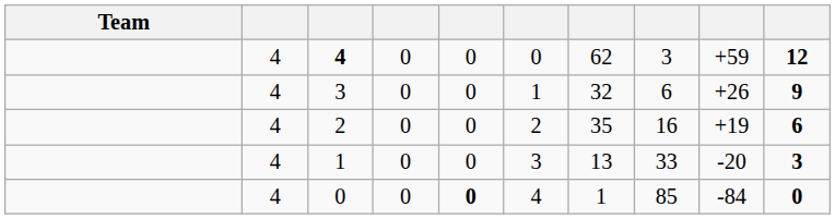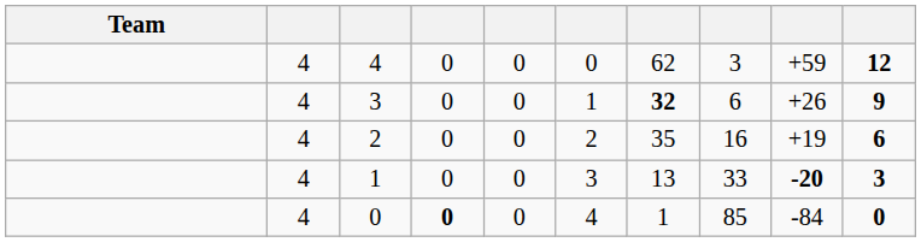 <table class="wikitable" style="text-align:center;">
 <tr>
 <th width=165>Team</th>
 <th width=40></th>
 <th width=40></th>
 <th width=40></th>
 <th width=40></th>
 <th width=40></th>
 <th width=40></th>
 <th width=40></th>
 <th width=40></th>
 <th width=40></th>
 </tr>
 <tr style="background:">
 <td style="text-align:left;"></td>
 <td>4</td>
-<td><strong>4</strong></td>
+<td>4</td>
 <td>0</td>
 <td>0</td>
 <td>0</td>
 <td>62</td>
 <td>3</td>
 <td>+59</td>
 <td><strong>12</strong></td>
 </tr>
 <tr style="background:">
 <td style="text-align:left;"></td>
 <td>4</td>
 <td>3</td>
 <td>0</td>
 <td>0</td>
 <td>1</td>
-<td>32</td>
+<td><strong>32</strong></td>
 <td>6</td>
 <td>+26</td>
 <td><strong>9</strong></td>
 </tr>
 <tr style="background:">
 <td style="text-align:left;"></td>
 <td>4</td>
 <td>2</td>
 <td>0</td>
 <td>0</td>
 <td>2</td>
 <td>35</td>
 <td>16</td>
 <td>+19</td>
 <td><strong>6</strong></td>
 </tr>
 <tr style="background:">
 <td style="text-align:left;"></td>
 <td>4</td>
 <td>1</td>
 <td>0</td>
 <td>0</td>
 <td>3</td>
 <td>13</td>
 <td>33</td>
-<td>-20</td>
+<td><strong>-20</strong></td>
 <td><strong>3</strong></td>
 </tr>
 <tr style="background:">
 <td style="text-align:left;"><strong></strong></td>
 <td>4</td>
 <td>0</td>
+<td><strong>0</strong></td>
 <td>0</td>
-<td><strong>0</strong></td>
 <td>4</td>
 <td>1</td>
 <td>85</td>
 <td>-84</td>
 <td><strong>0</strong></td>
 </tr>
 </table>
